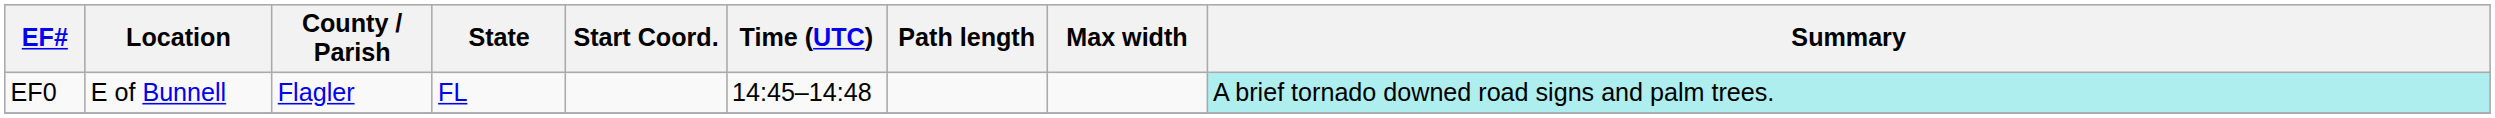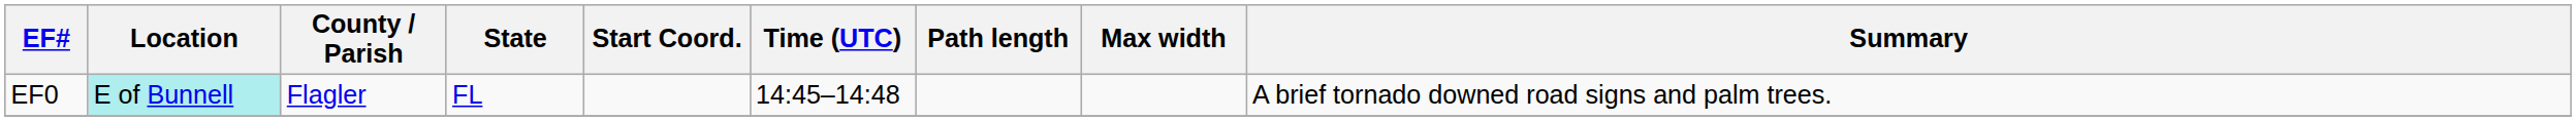 <table class="wikitable sortable" style="width:100%;">
 <tr>
 <th scope="col"  style="width:3%; text-align:center;"><a href='#'>EF#</a></th>
 <th scope="col"  style="width:7%; text-align:center;" class="unsortable">Location</th>
 <th scope="col"  style="width:6%; text-align:center;" class="unsortable">County / Parish</th>
 <th scope="col"  style="width:5%; text-align:center;">State</th>
 <th scope="col"  style="width:6%; text-align:center;">Start Coord.</th>
 <th scope="col"  style="width:6%; text-align:center;">Time (<a href='#'>UTC</a>)</th>
 <th scope="col"  style="width:6%; text-align:center;">Path length</th>
 <th scope="col"  style="width:6%; text-align:center;">Max width</th>
 <th scope="col" class="unsortable" style="width:48%; text-align:center;">Summary</th>
 </tr>
 <tr>
 <td>EF0</td>
-<td>E of <a href='#'>Bunnell</a></td>
+<td style="background: paleturquoise;">E of <a href='#'>Bunnell</a></td>
 <td><a href='#'>Flagler</a></td>
 <td><a href='#'>FL</a></td>
 <td></td>
 <td>14:45–14:48</td>
 <td></td>
 <td></td>
-<td style="background: paleturquoise;">A brief tornado downed road signs and palm trees.</td>
+<td>A brief tornado downed road signs and palm trees.</td>
 </tr>
 <tr>
 </tr>
 </table>
